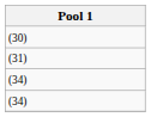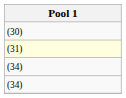 <table class="wikitable">
 <tr>
 <th width=160>Pool 1</th>
 </tr>
 <tr>
 <td> <small>(30)</small></td>
 </tr>
 <tr>
-<td> <small>(31)</small></td>
+<td style="background: lightyellow;"> <small>(31)</small></td>
 </tr>
 <tr>
 <td> <small>(34)</small></td>
 </tr>
 <tr>
 <td> <small>(34)</small></td>
 </tr>
 <tr>
 </tr>
 </table>
